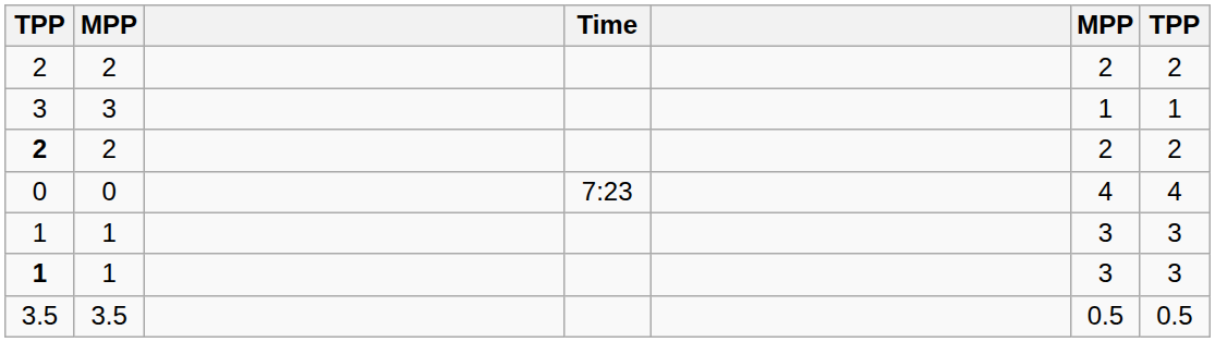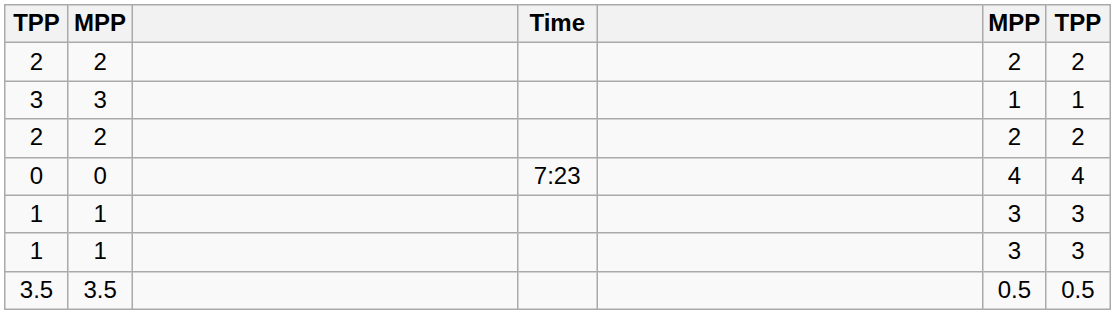 <table class="wikitable" style="text-align: center;" |>
 <tr>
 <th width="35">TPP</th>
 <th width="35">MPP</th>
 <th width="250"></th>
 <th width="45">Time</th>
 <th width="250"></th>
 <th width="35">MPP</th>
 <th width="35">TPP</th>
 </tr>
 <tr>
 <td>2</td>
 <td>2</td>
 <td style="text-align:left;"></td>
 <td></td>
 <td style="text-align:left;"></td>
 <td>2</td>
 <td>2</td>
 </tr>
 <tr>
 <td>3</td>
 <td>3</td>
 <td style="text-align:left;"></td>
 <td></td>
 <td style="text-align:left;"><strong></strong></td>
 <td>1</td>
 <td>1</td>
 </tr>
 <tr>
-<td><strong>2</strong></td>
+<td>2</td>
 <td>2</td>
 <td style="text-align:left;"></td>
 <td></td>
 <td style="text-align:left;"></td>
 <td>2</td>
 <td>2</td>
 </tr>
 <tr>
 <td>0</td>
 <td>0</td>
 <td style="text-align:left;"><strong></strong></td>
 <td>7:23</td>
 <td style="text-align:left;"></td>
 <td>4</td>
 <td>4</td>
 </tr>
 <tr>
 <td>1</td>
 <td>1</td>
 <td style="text-align:left;"><strong></strong></td>
 <td></td>
 <td style="text-align:left;"></td>
 <td>3</td>
 <td>3</td>
 </tr>
 <tr>
-<td><strong>1</strong></td>
+<td>1</td>
 <td>1</td>
 <td style="text-align:left;"><strong></strong></td>
 <td></td>
 <td style="text-align:left;"></td>
 <td>3</td>
 <td>3</td>
 </tr>
 <tr>
 <td>3.5</td>
 <td>3.5</td>
 <td style="text-align:left;"></td>
 <td></td>
 <td style="text-align:left;"><strong></strong></td>
 <td>0.5</td>
 <td>0.5</td>
 </tr>
 </table>
